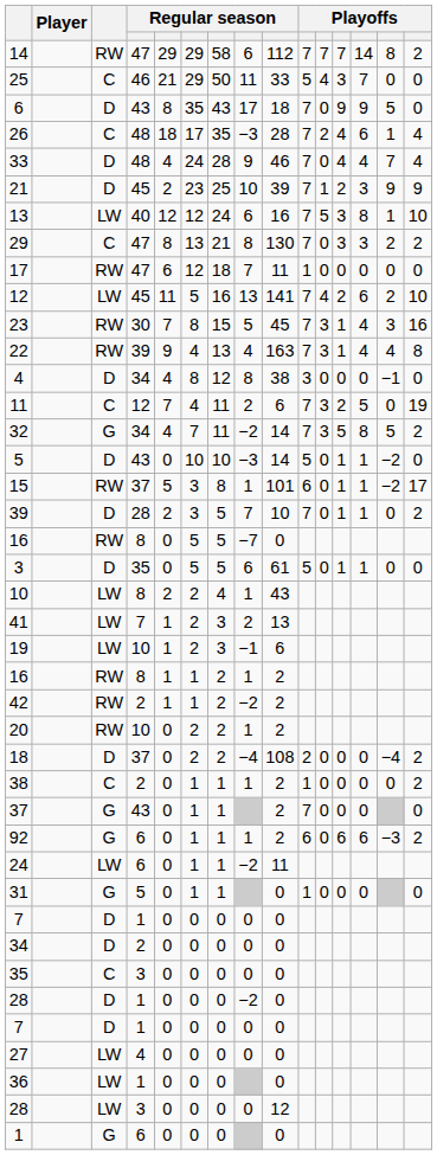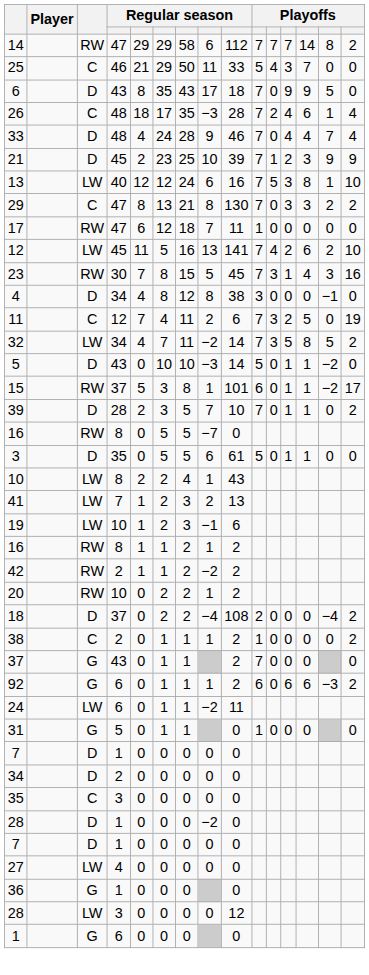 <table class="wikitable sortable plainrowheaders" style="text-align:center;">
 <tr>
 <th scope="col" data-sort-type="number" rowspan="2"></th>
 <th scope="col" rowspan="2">Player</th>
 <th scope="col" rowspan="2"></th>
 <th scope=colgroup colspan=6>Regular season</th>
 <th scope=colgroup colspan=6>Playoffs</th>
 </tr>
 <tr>
 <th scope="col" data-sort-type="number"></th>
 <th scope="col" data-sort-type="number"></th>
 <th scope="col" data-sort-type="number"></th>
 <th scope="col" data-sort-type="number"></th>
 <th scope="col" data-sort-type="number"></th>
 <th scope="col" data-sort-type="number"></th>
 <th scope="col" data-sort-type="number"></th>
 <th scope="col" data-sort-type="number"></th>
 <th scope="col" data-sort-type="number"></th>
 <th scope="col" data-sort-type="number"></th>
 <th scope="col" data-sort-type="number"></th>
 <th scope="col" data-sort-type="number"></th>
 </tr>
 <tr>
 <td scope="row">14</td>
 <td align="left"></td>
 <td>RW</td>
 <td>47</td>
 <td>29</td>
 <td>29</td>
 <td>58</td>
 <td>6</td>
 <td>112</td>
 <td>7</td>
 <td>7</td>
 <td>7</td>
 <td>14</td>
 <td>8</td>
 <td>2</td>
 </tr>
 <tr>
 <td scope="row">25</td>
 <td align="left"></td>
 <td>C</td>
 <td>46</td>
 <td>21</td>
 <td>29</td>
 <td>50</td>
 <td>11</td>
 <td>33</td>
 <td>5</td>
 <td>4</td>
 <td>3</td>
 <td>7</td>
 <td>0</td>
 <td>0</td>
 </tr>
 <tr>
 <td scope="row">6</td>
 <td align="left"></td>
 <td>D</td>
 <td>43</td>
 <td>8</td>
 <td>35</td>
 <td>43</td>
 <td>17</td>
 <td>18</td>
 <td>7</td>
 <td>0</td>
 <td>9</td>
 <td>9</td>
 <td>5</td>
 <td>0</td>
 </tr>
 <tr>
 <td scope="row">26</td>
 <td align="left"></td>
 <td>C</td>
 <td>48</td>
 <td>18</td>
 <td>17</td>
 <td>35</td>
 <td>−3</td>
 <td>28</td>
 <td>7</td>
 <td>2</td>
 <td>4</td>
 <td>6</td>
 <td>1</td>
 <td>4</td>
 </tr>
 <tr>
 <td scope="row">33</td>
 <td align="left"></td>
 <td>D</td>
 <td>48</td>
 <td>4</td>
 <td>24</td>
 <td>28</td>
 <td>9</td>
 <td>46</td>
 <td>7</td>
 <td>0</td>
 <td>4</td>
 <td>4</td>
 <td>7</td>
 <td>4</td>
 </tr>
 <tr>
 <td scope="row">21</td>
 <td align="left"></td>
 <td>D</td>
 <td>45</td>
 <td>2</td>
 <td>23</td>
 <td>25</td>
 <td>10</td>
 <td>39</td>
 <td>7</td>
 <td>1</td>
 <td>2</td>
 <td>3</td>
 <td>9</td>
 <td>9</td>
 </tr>
 <tr>
 <td scope="row">13</td>
 <td align="left"></td>
 <td>LW</td>
 <td>40</td>
 <td>12</td>
 <td>12</td>
 <td>24</td>
 <td>6</td>
 <td>16</td>
 <td>7</td>
 <td>5</td>
 <td>3</td>
 <td>8</td>
 <td>1</td>
 <td>10</td>
 </tr>
 <tr>
 <td scope="row">29</td>
 <td align="left"></td>
 <td>C</td>
 <td>47</td>
 <td>8</td>
 <td>13</td>
 <td>21</td>
 <td>8</td>
 <td>130</td>
 <td>7</td>
 <td>0</td>
 <td>3</td>
 <td>3</td>
 <td>2</td>
 <td>2</td>
 </tr>
 <tr>
 <td scope="row">17</td>
 <td align="left"></td>
 <td>RW</td>
 <td>47</td>
 <td>6</td>
 <td>12</td>
 <td>18</td>
 <td>7</td>
 <td>11</td>
 <td>1</td>
 <td>0</td>
 <td>0</td>
 <td>0</td>
 <td>0</td>
 <td>0</td>
 </tr>
 <tr>
 <td scope="row">12</td>
 <td align="left"></td>
 <td>LW</td>
 <td>45</td>
 <td>11</td>
 <td>5</td>
 <td>16</td>
 <td>13</td>
 <td>141</td>
 <td>7</td>
 <td>4</td>
 <td>2</td>
 <td>6</td>
 <td>2</td>
 <td>10</td>
 </tr>
 <tr>
 <td scope="row">23</td>
 <td align="left"></td>
 <td>RW</td>
 <td>30</td>
 <td>7</td>
 <td>8</td>
 <td>15</td>
 <td>5</td>
 <td>45</td>
 <td>7</td>
 <td>3</td>
 <td>1</td>
 <td>4</td>
 <td>3</td>
 <td>16</td>
 </tr>
 <tr>
-<td scope="row">22</td>
-<td align="left"></td>
-<td>RW</td>
-<td>39</td>
-<td>9</td>
-<td>4</td>
-<td>13</td>
-<td>4</td>
-<td>163</td>
-<td>7</td>
-<td>3</td>
-<td>1</td>
-<td>4</td>
-<td>4</td>
-<td>8</td>
-</tr>
-<tr>
 <td scope="row">4</td>
 <td align="left"></td>
 <td>D</td>
 <td>34</td>
 <td>4</td>
 <td>8</td>
 <td>12</td>
 <td>8</td>
 <td>38</td>
 <td>3</td>
 <td>0</td>
 <td>0</td>
 <td>0</td>
 <td>−1</td>
 <td>0</td>
 </tr>
 <tr>
 <td scope="row">11</td>
 <td align="left"></td>
 <td>C</td>
 <td>12</td>
 <td>7</td>
 <td>4</td>
 <td>11</td>
 <td>2</td>
 <td>6</td>
 <td>7</td>
 <td>3</td>
 <td>2</td>
 <td>5</td>
 <td>0</td>
 <td>19</td>
 </tr>
 <tr>
 <td scope="row">32</td>
 <td align="left"></td>
-<td>G</td>
+<td>LW</td>
 <td>34</td>
 <td>4</td>
 <td>7</td>
 <td>11</td>
 <td>−2</td>
 <td>14</td>
 <td>7</td>
 <td>3</td>
 <td>5</td>
 <td>8</td>
 <td>5</td>
 <td>2</td>
 </tr>
 <tr>
 <td scope="row">5</td>
 <td align="left"></td>
 <td>D</td>
 <td>43</td>
 <td>0</td>
 <td>10</td>
 <td>10</td>
 <td>−3</td>
 <td>14</td>
 <td>5</td>
 <td>0</td>
 <td>1</td>
 <td>1</td>
 <td>−2</td>
 <td>0</td>
 </tr>
 <tr>
 <td scope="row">15</td>
 <td align="left"></td>
 <td>RW</td>
 <td>37</td>
 <td>5</td>
 <td>3</td>
 <td>8</td>
 <td>1</td>
 <td>101</td>
 <td>6</td>
 <td>0</td>
 <td>1</td>
 <td>1</td>
 <td>−2</td>
 <td>17</td>
 </tr>
 <tr>
 <td scope="row">39</td>
 <td align="left"></td>
 <td>D</td>
 <td>28</td>
 <td>2</td>
 <td>3</td>
 <td>5</td>
 <td>7</td>
 <td>10</td>
 <td>7</td>
 <td>0</td>
 <td>1</td>
 <td>1</td>
 <td>0</td>
 <td>2</td>
 </tr>
 <tr>
 <td scope="row">16</td>
 <td align="left"></td>
 <td>RW</td>
 <td>8</td>
 <td>0</td>
 <td>5</td>
 <td>5</td>
 <td>−7</td>
 <td>0</td>
 <td></td>
 <td></td>
 <td></td>
 <td></td>
 <td></td>
 <td></td>
 </tr>
 <tr>
 <td scope="row">3</td>
 <td align="left"></td>
 <td>D</td>
 <td>35</td>
 <td>0</td>
 <td>5</td>
 <td>5</td>
 <td>6</td>
 <td>61</td>
 <td>5</td>
 <td>0</td>
 <td>1</td>
 <td>1</td>
 <td>0</td>
 <td>0</td>
 </tr>
 <tr>
 <td scope="row">10</td>
 <td align="left"></td>
 <td>LW</td>
 <td>8</td>
 <td>2</td>
 <td>2</td>
 <td>4</td>
 <td>1</td>
 <td>43</td>
 <td></td>
 <td></td>
 <td></td>
 <td></td>
 <td></td>
 <td></td>
 </tr>
 <tr>
 <td scope="row">41</td>
 <td align="left"></td>
 <td>LW</td>
 <td>7</td>
 <td>1</td>
 <td>2</td>
 <td>3</td>
 <td>2</td>
 <td>13</td>
 <td></td>
 <td></td>
 <td></td>
 <td></td>
 <td></td>
 <td></td>
 </tr>
 <tr>
 <td scope="row">19</td>
 <td align="left"></td>
 <td>LW</td>
 <td>10</td>
 <td>1</td>
 <td>2</td>
 <td>3</td>
 <td>−1</td>
 <td>6</td>
 <td></td>
 <td></td>
 <td></td>
 <td></td>
 <td></td>
 <td></td>
 </tr>
 <tr>
 <td scope="row">16</td>
 <td align="left"></td>
 <td>RW</td>
 <td>8</td>
 <td>1</td>
 <td>1</td>
 <td>2</td>
 <td>1</td>
 <td>2</td>
 <td></td>
 <td></td>
 <td></td>
 <td></td>
 <td></td>
 <td></td>
 </tr>
 <tr>
 <td scope="row">42</td>
 <td align="left"></td>
 <td>RW</td>
 <td>2</td>
 <td>1</td>
 <td>1</td>
 <td>2</td>
 <td>−2</td>
 <td>2</td>
 <td></td>
 <td></td>
 <td></td>
 <td></td>
 <td></td>
 <td></td>
 </tr>
 <tr>
 <td scope="row">20</td>
 <td align="left"></td>
 <td>RW</td>
 <td>10</td>
 <td>0</td>
 <td>2</td>
 <td>2</td>
 <td>1</td>
 <td>2</td>
 <td></td>
 <td></td>
 <td></td>
 <td></td>
 <td></td>
 <td></td>
 </tr>
 <tr>
 <td scope="row">18</td>
 <td align="left"></td>
 <td>D</td>
 <td>37</td>
 <td>0</td>
 <td>2</td>
 <td>2</td>
 <td>−4</td>
 <td>108</td>
 <td>2</td>
 <td>0</td>
 <td>0</td>
 <td>0</td>
 <td>−4</td>
 <td>2</td>
 </tr>
 <tr>
 <td scope="row">38</td>
 <td align="left"></td>
 <td>C</td>
 <td>2</td>
 <td>0</td>
 <td>1</td>
 <td>1</td>
 <td>1</td>
 <td>2</td>
 <td>1</td>
 <td>0</td>
 <td>0</td>
 <td>0</td>
 <td>0</td>
 <td>2</td>
 </tr>
 <tr>
 <td scope="row">37</td>
 <td align="left"></td>
 <td>G</td>
 <td>43</td>
 <td>0</td>
 <td>1</td>
 <td>1</td>
 <td style="background:#ccc"></td>
 <td>2</td>
 <td>7</td>
 <td>0</td>
 <td>0</td>
 <td>0</td>
 <td style="background:#ccc"></td>
 <td>0</td>
 </tr>
 <tr>
 <td scope="row">92</td>
 <td align="left"></td>
 <td>G</td>
 <td>6</td>
 <td>0</td>
 <td>1</td>
 <td>1</td>
 <td>1</td>
 <td>2</td>
 <td>6</td>
 <td>0</td>
 <td>6</td>
 <td>6</td>
 <td>−3</td>
 <td>2</td>
 </tr>
 <tr>
 <td scope="row">24</td>
 <td align="left"></td>
 <td>LW</td>
 <td>6</td>
 <td>0</td>
 <td>1</td>
 <td>1</td>
 <td>−2</td>
 <td>11</td>
 <td></td>
 <td></td>
 <td></td>
 <td></td>
 <td></td>
 <td></td>
 </tr>
 <tr>
 <td scope="row">31</td>
 <td align="left"></td>
 <td>G</td>
 <td>5</td>
 <td>0</td>
 <td>1</td>
 <td>1</td>
 <td style="background:#ccc"></td>
 <td>0</td>
 <td>1</td>
 <td>0</td>
 <td>0</td>
 <td>0</td>
 <td style="background:#ccc"></td>
 <td>0</td>
 </tr>
 <tr>
 <td scope="row">7</td>
 <td align="left"></td>
 <td>D</td>
 <td>1</td>
 <td>0</td>
 <td>0</td>
 <td>0</td>
 <td>0</td>
 <td>0</td>
 <td></td>
 <td></td>
 <td></td>
 <td></td>
 <td></td>
 <td></td>
 </tr>
 <tr>
 <td scope="row">34</td>
 <td align="left"></td>
 <td>D</td>
 <td>2</td>
 <td>0</td>
 <td>0</td>
 <td>0</td>
 <td>0</td>
 <td>0</td>
 <td></td>
 <td></td>
 <td></td>
 <td></td>
 <td></td>
 <td></td>
 </tr>
 <tr>
 <td scope="row">35</td>
 <td align="left"></td>
 <td>C</td>
 <td>3</td>
 <td>0</td>
 <td>0</td>
 <td>0</td>
 <td>0</td>
 <td>0</td>
 <td></td>
 <td></td>
 <td></td>
 <td></td>
 <td></td>
 <td></td>
 </tr>
 <tr>
 <td scope="row">28</td>
 <td align="left"></td>
 <td>D</td>
 <td>1</td>
 <td>0</td>
 <td>0</td>
 <td>0</td>
 <td>−2</td>
 <td>0</td>
 <td></td>
 <td></td>
 <td></td>
 <td></td>
 <td></td>
 <td></td>
 </tr>
 <tr>
 <td scope="row">7</td>
 <td align="left"></td>
 <td>D</td>
 <td>1</td>
 <td>0</td>
 <td>0</td>
 <td>0</td>
 <td>0</td>
 <td>0</td>
 <td></td>
 <td></td>
 <td></td>
 <td></td>
 <td></td>
 <td></td>
 </tr>
 <tr>
 <td scope="row">27</td>
 <td align="left"></td>
 <td>LW</td>
 <td>4</td>
 <td>0</td>
 <td>0</td>
 <td>0</td>
 <td>0</td>
 <td>0</td>
 <td></td>
 <td></td>
 <td></td>
 <td></td>
 <td></td>
 <td></td>
 </tr>
 <tr>
 <td scope="row">36</td>
 <td align="left"></td>
-<td>LW</td>
+<td>G</td>
 <td>1</td>
 <td>0</td>
 <td>0</td>
 <td>0</td>
 <td style="background:#ccc"></td>
 <td>0</td>
 <td></td>
 <td></td>
 <td></td>
 <td></td>
 <td></td>
 <td></td>
 </tr>
 <tr>
 <td scope="row">28</td>
 <td align="left"></td>
 <td>LW</td>
 <td>3</td>
 <td>0</td>
 <td>0</td>
 <td>0</td>
 <td>0</td>
 <td>12</td>
 <td></td>
 <td></td>
 <td></td>
 <td></td>
 <td></td>
 <td></td>
 </tr>
 <tr>
 <td scope="row">1</td>
 <td align="left"></td>
 <td>G</td>
 <td>6</td>
 <td>0</td>
 <td>0</td>
 <td>0</td>
 <td style="background:#ccc"></td>
 <td>0</td>
 <td></td>
 <td></td>
 <td></td>
 <td></td>
 <td></td>
 <td></td>
 </tr>
 </table>
